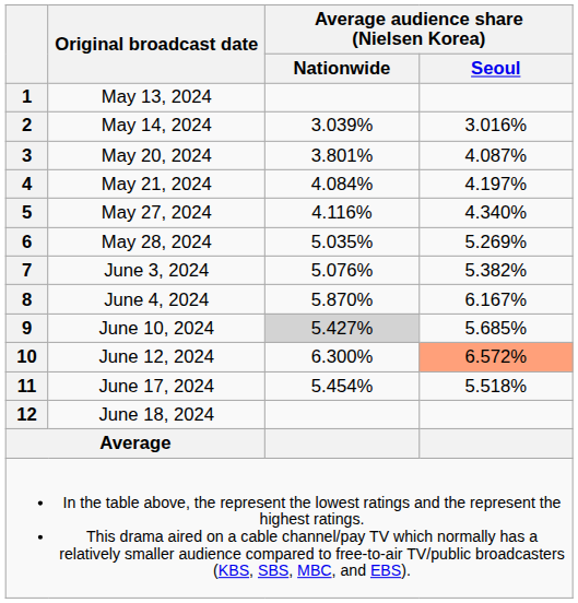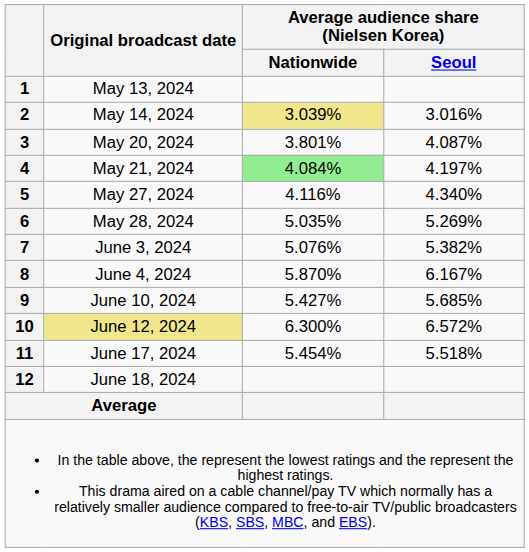 <table class="wikitable" style="margin-left:auto; margin-right:auto; width:500px; text-align:center">
 <tr>
 <th scope="col" rowspan="2"></th>
 <th scope="col" rowspan="2">Original broadcast date</th>
 <th scope="col" colspan="2">Average audience share<br>(Nielsen Korea)</th>
 </tr>
 <tr>
 <th scope="col" style="width:8em">Nationwide</th>
 <th scope="col" style="width:8em"><a href='#'>Seoul</a></th>
 </tr>
 <tr>
 <th scope="col">1</th>
 <td>May 13, 2024</td>
 <td><strong></strong> </td>
 <td><strong></strong> </td>
 </tr>
 <tr>
 <th scope="col">2</th>
 <td>May 14, 2024</td>
-<td>3.039% </td>
+<td style="background: khaki;">3.039% </td>
 <td>3.016% </td>
 </tr>
 <tr>
 <th scope="col">3</th>
 <td>May 20, 2024</td>
 <td>3.801% </td>
 <td>4.087% </td>
 </tr>
 <tr>
 <th scope="col">4</th>
 <td>May 21, 2024</td>
-<td>4.084% </td>
+<td style="background: lightgreen;">4.084% </td>
 <td>4.197% </td>
 </tr>
 <tr>
 <th scope="col">5</th>
 <td>May 27, 2024</td>
 <td>4.116% </td>
 <td>4.340% </td>
 </tr>
 <tr>
 <th scope="col">6</th>
 <td>May 28, 2024</td>
 <td>5.035% </td>
 <td>5.269% </td>
 </tr>
 <tr>
 <th scope="col">7</th>
 <td>June 3, 2024</td>
 <td>5.076% </td>
 <td>5.382% </td>
 </tr>
 <tr>
 <th scope="col">8</th>
 <td>June 4, 2024</td>
 <td>5.870% </td>
 <td>6.167% </td>
 </tr>
 <tr>
 <th scope="col">9</th>
 <td>June 10, 2024</td>
-<td style="background: lightgrey;">5.427% </td>
+<td>5.427% </td>
 <td>5.685% </td>
 </tr>
 <tr>
 <th scope="col">10</th>
-<td>June 12, 2024</td>
+<td style="background: khaki;">June 12, 2024</td>
 <td>6.300% </td>
-<td style="background: lightsalmon;">6.572% </td>
+<td>6.572% </td>
 </tr>
 <tr>
 <th scope="col">11</th>
 <td>June 17, 2024</td>
 <td>5.454% </td>
 <td>5.518% </td>
 </tr>
 <tr>
 <th scope="col">12</th>
 <td>June 18, 2024</td>
 <td><strong></strong> </td>
 <td><strong></strong> </td>
 </tr>
 <tr>
 <th scope="col" colspan="2">Average</th>
 <th scope="col"></th>
 <th scope="col"></th>
 </tr>
 <tr>
 <td colspan="4" style="font-size:85%"><br><ul><li>In the table above, the <strong></strong> represent the lowest ratings and the <strong></strong> represent the highest ratings.</li><li>This drama aired on a cable channel/pay TV which normally has a relatively smaller audience compared to free-to-air TV/public broadcasters (<a href='#'>KBS</a>, <a href='#'>SBS</a>, <a href='#'>MBC</a>, and <a href='#'>EBS</a>).</li></ul></td>
 </tr>
 </table>
